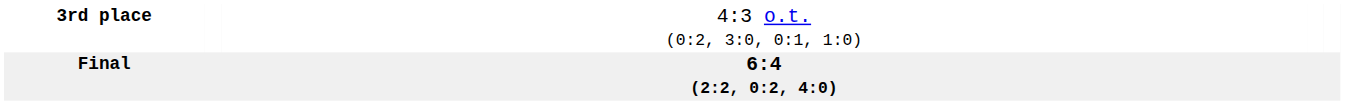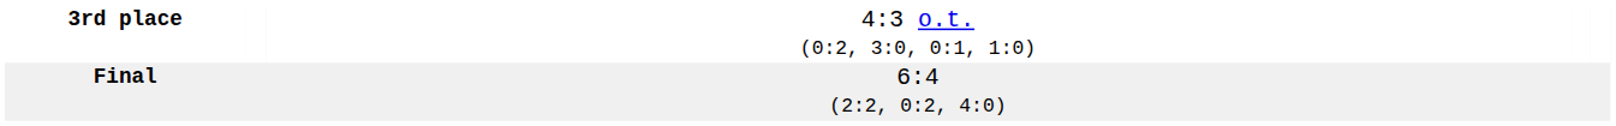 <table style="width: 70%; background: #F0F0F0;" cellspacing="0">
 <tr style="background: #FFFFFF;" valign="top">
 <td align="center" width="15%" style="font-size:90%;"><strong>3rd place</strong></td>
 <td align="right"></td>
 <td align="center">4:3 <a href='#'>o.t.</a><br><small>(0:2, 3:0, 0:1, 1:0)</small></td>
 <td align="left"></td>
 <td style="font-size:85%;"></td>
 </tr>
 <tr valign="top">
 <td align="center" style="font-size:90%;"><strong>Final</strong></td>
 <td align="right"></td>
-<td align="center"><strong>6:4<br><small>(2:2, 0:2, 4:0)</small></strong></td>
+<td align="center">6:4<br><small>(2:2, 0:2, 4:0)</small></td>
 <td align="left"></td>
 <td style="font-size:85%;"></td>
 </tr>
 </table>
